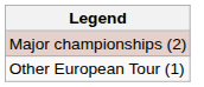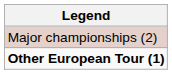 <table class="wikitable" style="font-size:95%;">
 <tr>
 <th>Legend</th>
 </tr>
 <tr style="background:#e5d1cb;">
 <td>Major championships (2)</td>
 </tr>
 <tr>
-<td>Other European Tour (1)</td>
+<td><strong>Other European Tour (1)</strong></td>
 </tr>
 </table>
